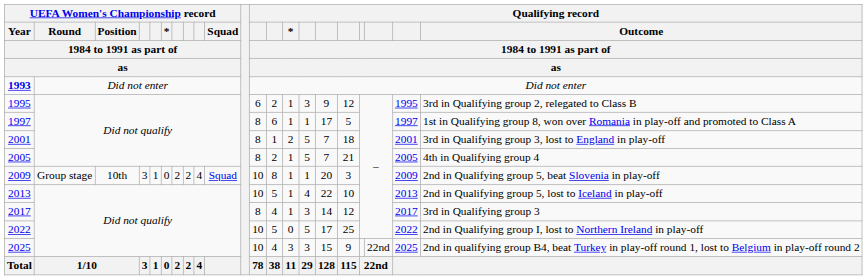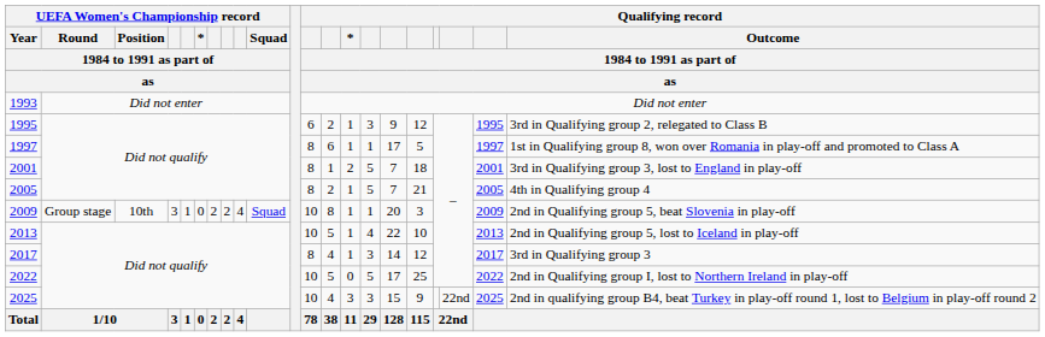 <table class="wikitable" style="text-align: center;">
 <tr>
 <th colspan=10><a href='#'>UEFA Women's Championship</a> record</th>
 <th style="width:1%;" rowspan=15></th>
 <th colspan=10>Qualifying record</th>
 </tr>
 <tr>
 <th>Year</th>
 <th>Round</th>
 <th>Position</th>
 <th></th>
 <th></th>
 <th>*</th>
 <th></th>
 <th></th>
 <th></th>
 <th>Squad<br></th>
 <th></th>
 <th></th>
 <th>*</th>
 <th></th>
 <th></th>
 <th></th>
 <th></th>
 <th></th>
 <th></th>
 <th>Outcome</th>
 </tr>
 <tr>
 <th colspan=10>1984 to 1991 as part of </th>
 <th colspan=10>1984 to 1991 as part of </th>
 </tr>
 <tr>
 <th colspan=10>as </th>
 <th colspan=10>as </th>
 </tr>
 <tr>
-<td><strong> <a href='#'>1993</a></strong></td>
+<td> <a href='#'>1993</a></td>
 <td colspan=9><em>Did not enter</em></td>
 <td colspan=10><em>Did not enter</em></td>
 </tr>
 <tr>
 <td> <a href='#'>1995</a></td>
 <td colspan=9 rowspan=4><em>Did not qualify</em></td>
 <td>6</td>
 <td>2</td>
 <td>1</td>
 <td>3</td>
 <td>9</td>
 <td>12</td>
 <td colspan=2 rowspan=8>–</td>
 <td><a href='#'>1995</a></td>
 <td align=left>3rd in Qualifying group 2, relegated to Class B</td>
 </tr>
 <tr>
 <td> <a href='#'>1997</a></td>
 <td>8</td>
 <td>6</td>
 <td>1</td>
 <td>1</td>
 <td>17</td>
 <td>5</td>
 <td><a href='#'>1997</a></td>
 <td align=left>1st in Qualifying group 8, won over <a href='#'>Romania</a> in play-off and promoted to Class A</td>
 </tr>
 <tr>
 <td> <a href='#'>2001</a></td>
 <td>8</td>
 <td>1</td>
 <td>2</td>
 <td>5</td>
 <td>7</td>
 <td>18</td>
 <td><a href='#'>2001</a></td>
 <td align=left>3rd in Qualifying group 3, lost to <a href='#'>England</a> in play-off</td>
 </tr>
 <tr>
 <td> <a href='#'>2005</a></td>
 <td>8</td>
 <td>2</td>
 <td>1</td>
 <td>5</td>
 <td>7</td>
 <td>21</td>
 <td><a href='#'>2005</a></td>
 <td align=left>4th in Qualifying group 4</td>
 </tr>
 <tr>
 <td> <a href='#'>2009</a></td>
 <td>Group stage</td>
 <td>10th</td>
 <td>3</td>
 <td>1</td>
 <td>0</td>
 <td>2</td>
 <td>2</td>
 <td>4</td>
 <td><a href='#'>Squad</a></td>
 <td>10</td>
 <td>8</td>
 <td>1</td>
 <td>1</td>
 <td>20</td>
 <td>3</td>
 <td><a href='#'>2009</a></td>
 <td align=left>2nd in Qualifying group 5, beat <a href='#'>Slovenia</a> in play-off</td>
 </tr>
 <tr>
 <td> <a href='#'>2013</a></td>
 <td colspan=9 rowspan=4><em>Did not qualify</em></td>
 <td>10</td>
 <td>5</td>
 <td>1</td>
 <td>4</td>
 <td>22</td>
 <td>10</td>
 <td><a href='#'>2013</a></td>
 <td align=left>2nd in Qualifying group 5, lost to <a href='#'>Iceland</a> in play-off</td>
 </tr>
 <tr>
 <td> <a href='#'>2017</a></td>
 <td>8</td>
 <td>4</td>
 <td>1</td>
 <td>3</td>
 <td>14</td>
 <td>12</td>
 <td><a href='#'>2017</a></td>
 <td align=left>3rd in Qualifying group 3</td>
 </tr>
 <tr>
 <td> <a href='#'>2022</a></td>
 <td>10</td>
 <td>5</td>
 <td>0</td>
 <td>5</td>
 <td>17</td>
 <td>25</td>
 <td><a href='#'>2022</a></td>
 <td align=left>2nd in Qualifying group I, lost to <a href='#'>Northern Ireland</a> in play-off</td>
 </tr>
 <tr>
 <td> <a href='#'>2025</a></td>
 <td>10</td>
 <td>4</td>
 <td>3</td>
 <td>3</td>
 <td>15</td>
 <td>9</td>
 <td></td>
 <td>22nd</td>
 <td><a href='#'>2025</a></td>
 <td align=left>2nd in qualifying group B4, beat <a href='#'>Turkey</a> in play-off round 1, lost to <a href='#'>Belgium</a> in play-off round 2</td>
 </tr>
 <tr>
 <th>Total</th>
 <th colspan=2>1/10</th>
 <th>3</th>
 <th>1</th>
 <th>0</th>
 <th>2</th>
 <th>2</th>
 <th>4</th>
 <th></th>
 <th>78</th>
 <th>38</th>
 <th>11</th>
 <th>29</th>
 <th>128</th>
 <th>115</th>
 <th colspan=2>22nd</th>
 <th colspan=2></th>
 </tr>
 </table>
